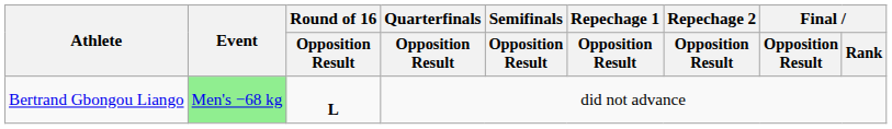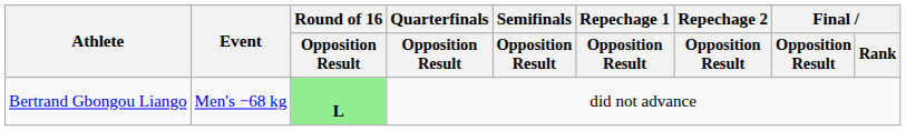 <table class="wikitable" style="font-size:90%;">
 <tr>
 <th rowspan=2>Athlete</th>
 <th rowspan=2>Event</th>
 <th>Round of 16</th>
 <th>Quarterfinals</th>
 <th>Semifinals</th>
 <th>Repechage 1</th>
 <th>Repechage 2</th>
 <th colspan=2>Final / </th>
 </tr>
 <tr style="font-size:95%">
 <th>Opposition<br>Result</th>
 <th>Opposition<br>Result</th>
 <th>Opposition<br>Result</th>
 <th>Opposition<br>Result</th>
 <th>Opposition<br>Result</th>
 <th>Opposition<br>Result</th>
 <th>Rank</th>
 </tr>
 <tr align=center>
 <td align=left><a href='#'>Bertrand Gbongou Liango</a></td>
-<td align=left style="background: lightgreen;"><a href='#'>Men's −68 kg</a></td>
-<td><br><strong>L</strong> </td>
+<td align=left><a href='#'>Men's −68 kg</a></td>
+<td style="background: lightgreen;"><br><strong>L</strong> </td>
 <td colspan=6>did not advance</td>
 </tr>
 </table>
